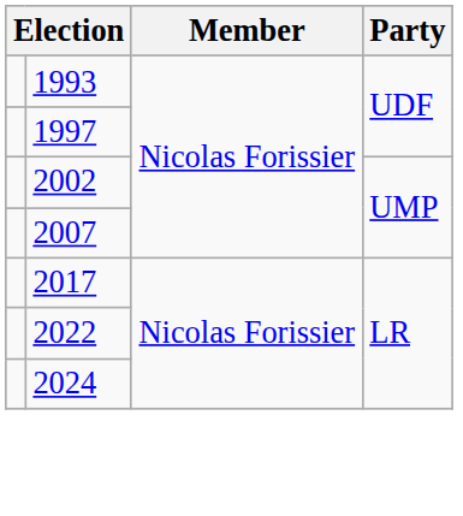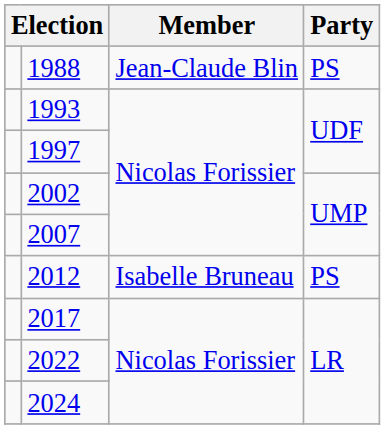 <table class="wikitable">
 <tr>
 <th colspan="2">Election</th>
 <th>Member</th>
 <th>Party</th>
+</tr>
+<tr>
+<td style="color:inherit;background-color:"></td>
+<td><a href='#'>1988</a></td>
+<td><a href='#'>Jean-Claude Blin</a></td>
+<td><a href='#'>PS</a></td>
 </tr>
 <tr>
 <td style="color:inherit;background-color:"></td>
 <td><a href='#'>1993</a></td>
 <td rowspan="4"><a href='#'>Nicolas Forissier</a><br>  </td>
 <td rowspan="2"><a href='#'>UDF</a></td>
 </tr>
 <tr>
 <td style="color:inherit;background-color:"></td>
 <td><a href='#'>1997</a></td>
 </tr>
 <tr>
 <td style="color:inherit;background-color:"></td>
 <td><a href='#'>2002</a></td>
 <td rowspan="2"><a href='#'>UMP</a></td>
 </tr>
 <tr>
 <td style="color:inherit;background-color:"></td>
 <td><a href='#'>2007</a></td>
 </tr>
 <tr>
+<td style="color:inherit;background-color:"></td>
+<td><a href='#'>2012</a></td>
+<td><a href='#'>Isabelle Bruneau</a></td>
+<td><a href='#'>PS</a></td>
+</tr>
+<tr>
 <td style="color:inherit;background-color: "></td>
 <td><a href='#'>2017</a></td>
 <td rowspan="3"><a href='#'>Nicolas Forissier</a></td>
 <td rowspan="3"><a href='#'>LR</a></td>
 </tr>
 <tr>
 <td style="color:inherit;background-color: "></td>
 <td><a href='#'>2022</a></td>
 </tr>
 <tr>
 <td style="color:inherit;background-color: "></td>
 <td><a href='#'>2024</a></td>
 </tr>
 </table>
